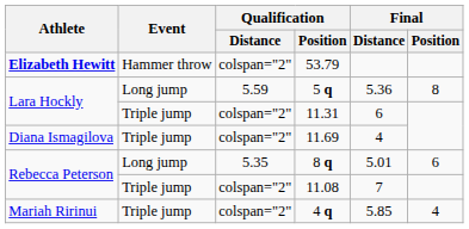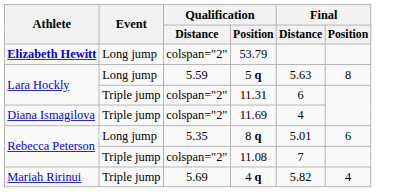 <table class=wikitable style="font-size:90%">
 <tr>
 <th rowspan="2">Athlete</th>
 <th rowspan="2">Event</th>
 <th colspan="2">Qualification</th>
 <th colspan="2">Final</th>
 </tr>
 <tr style="font-size:95%">
 <th>Distance</th>
 <th>Position</th>
 <th>Distance</th>
 <th>Position</th>
 </tr>
 <tr style=text-align:center>
 <td style=text-align:left><strong><a href='#'>Elizabeth Hewitt</a></strong></td>
-<td style=text-align:left>Hammer throw</td>
+<td style=text-align:left>Long jump</td>
 <td>colspan="2" </td>
 <td>53.79</td>
 <td></td>
 </tr>
 <tr style=text-align:center>
 <td style=text-align:left rowspan=2><a href='#'>Lara Hockly</a></td>
 <td style=text-align:left>Long jump</td>
 <td>5.59</td>
 <td>5 <strong>q</strong></td>
-<td>5.36</td>
+<td>5.63</td>
 <td>8</td>
 </tr>
 <tr align=center>
 <td align=left>Triple jump</td>
 <td>colspan="2" </td>
 <td>11.31</td>
 <td>6</td>
 </tr>
 <tr style=text-align:center>
 <td style=text-align:left><a href='#'>Diana Ismagilova</a></td>
 <td style=text-align:left>Triple jump</td>
 <td>colspan="2" </td>
 <td>11.69</td>
 <td>4</td>
 </tr>
 <tr style=text-align:center>
 <td style=text-align:left rowspan=2><a href='#'>Rebecca Peterson</a></td>
 <td style=text-align:left>Long jump</td>
 <td>5.35</td>
 <td>8 <strong>q</strong></td>
 <td>5.01</td>
 <td>6</td>
 </tr>
 <tr align=center>
 <td align=left>Triple jump</td>
 <td>colspan="2" </td>
 <td>11.08</td>
 <td>7</td>
 </tr>
 <tr style=text-align:center>
 <td style=text-align:left><a href='#'>Mariah Ririnui</a></td>
 <td align=left>Triple jump</td>
-<td>colspan="2" </td>
+<td>5.69</td>
 <td>4 <strong>q</strong></td>
-<td>5.85</td>
+<td>5.82</td>
 <td>4</td>
 </tr>
 </table>
